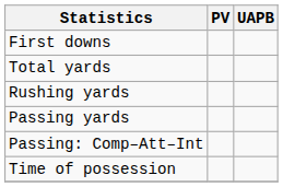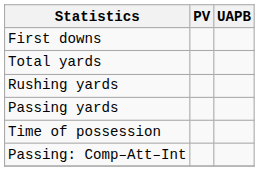 <table class="wikitable" style="float: left;">
 <tr>
 <th>Statistics</th>
 <th>PV</th>
 <th>UAPB</th>
 </tr>
 <tr>
 <td>First downs</td>
 <td></td>
 <td></td>
 </tr>
 <tr>
 <td>Total yards</td>
 <td></td>
 <td></td>
 </tr>
 <tr>
 <td>Rushing yards</td>
 <td></td>
 <td></td>
 </tr>
 <tr>
 <td>Passing yards</td>
 <td></td>
 <td></td>
 </tr>
 <tr>
-<td>Passing: Comp–Att–Int</td>
+<td>Time of possession</td>
 <td></td>
 <td></td>
 </tr>
 <tr>
-<td>Time of possession</td>
+<td>Passing: Comp–Att–Int</td>
 <td></td>
 <td></td>
 </tr>
 <tr>
 </tr>
 </table>
